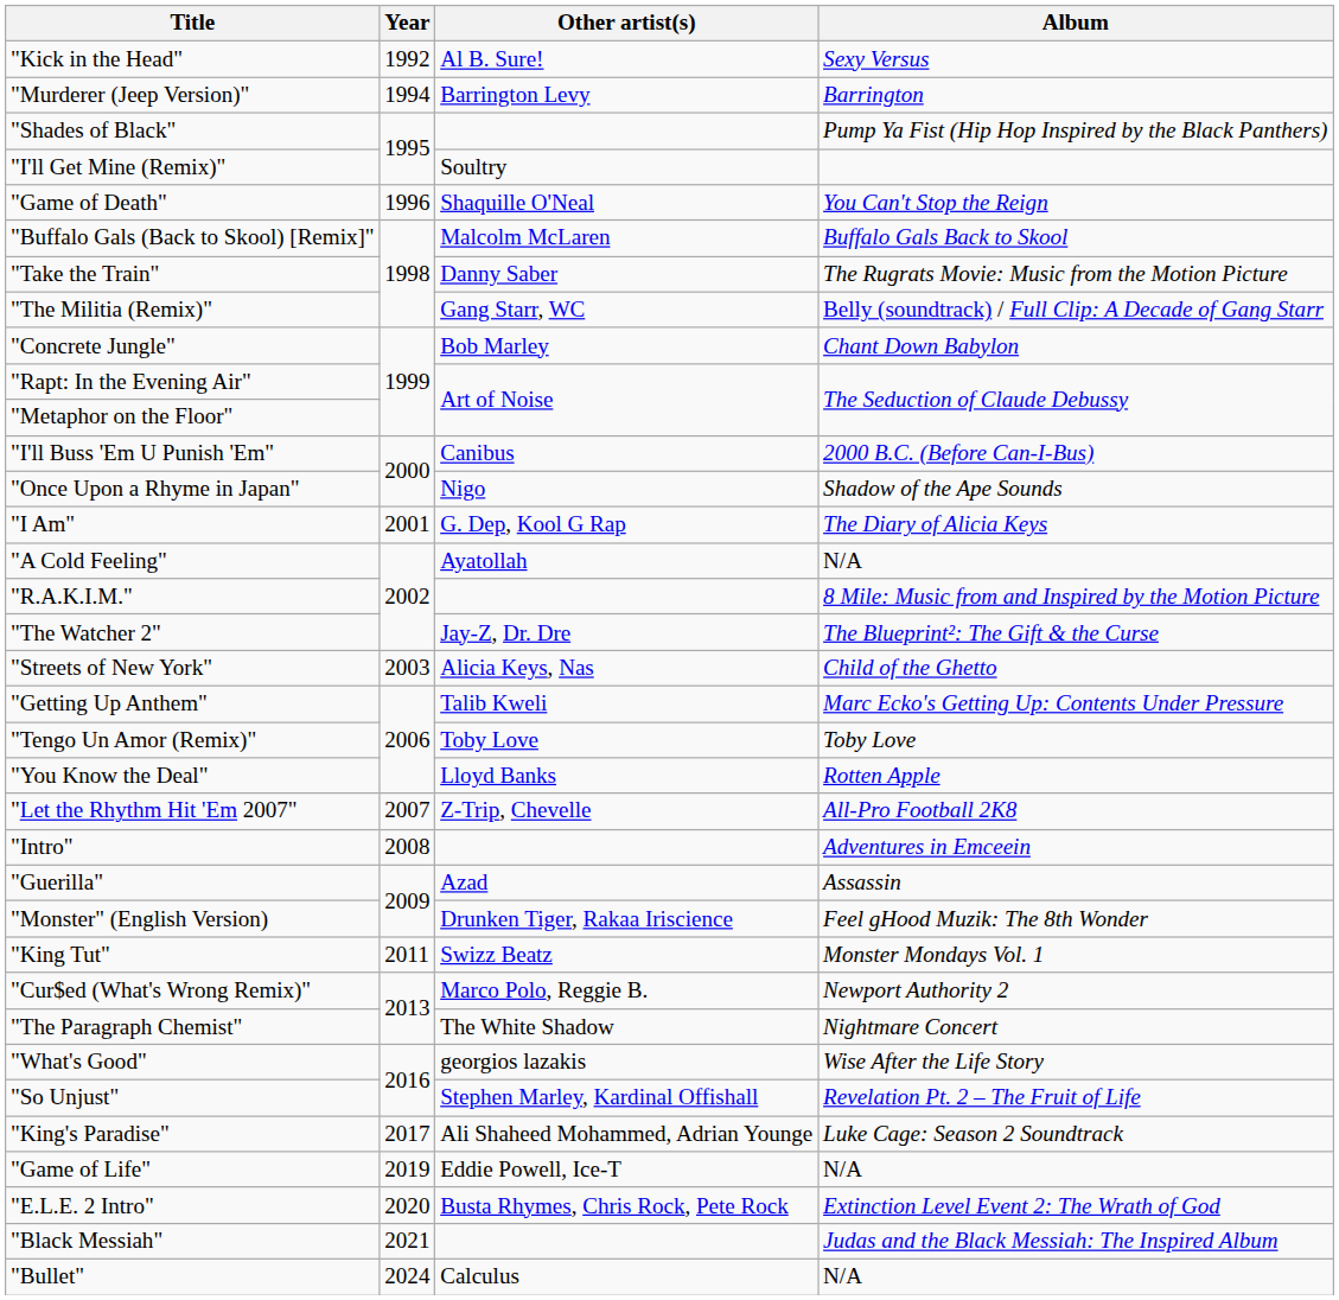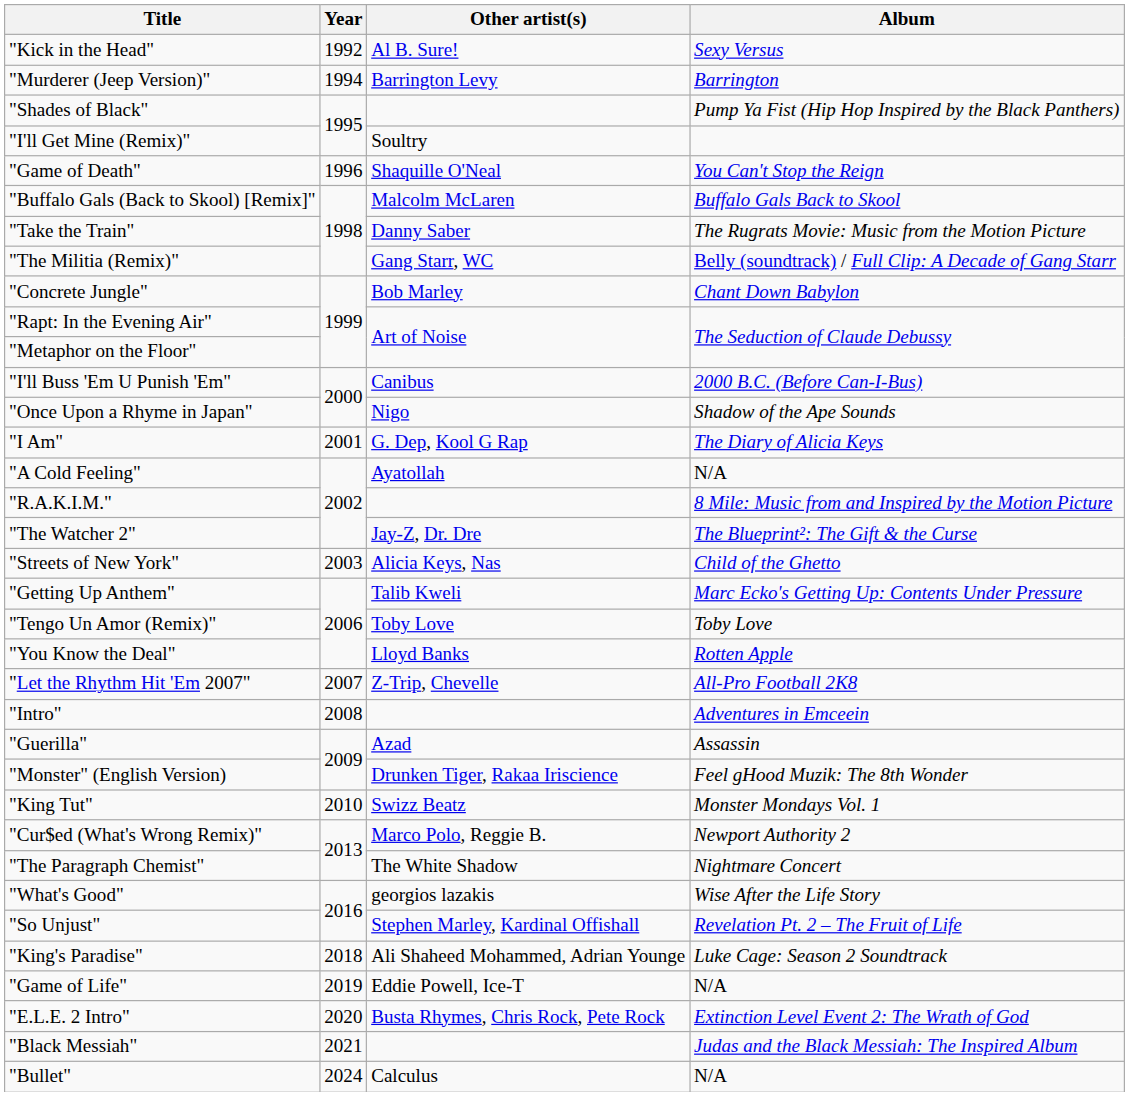 <table class="wikitable">
 <tr>
 <th><strong>Title</strong></th>
 <th>Year</th>
 <th><strong>Other artist(s)</strong></th>
 <th><strong>Album</strong></th>
 </tr>
 <tr>
 <td>"Kick in the Head"</td>
 <td>1992</td>
 <td><a href='#'>Al B. Sure!</a></td>
 <td><em><a href='#'>Sexy Versus</a></em></td>
 </tr>
 <tr>
 <td>"Murderer (Jeep Version)"</td>
 <td>1994</td>
 <td><a href='#'>Barrington Levy</a></td>
 <td><em><a href='#'>Barrington</a></em></td>
 </tr>
 <tr>
 <td>"Shades of Black"</td>
 <td rowspan="2">1995</td>
 <td></td>
 <td><em>Pump Ya Fist (Hip Hop Inspired by the Black Panthers)</em></td>
 </tr>
 <tr>
 <td>"I'll Get Mine (Remix)"</td>
 <td>Soultry</td>
 <td></td>
 </tr>
 <tr>
 <td>"Game of Death"</td>
 <td>1996</td>
 <td><a href='#'>Shaquille O'Neal</a></td>
 <td><em><a href='#'>You Can't Stop the Reign</a></em></td>
 </tr>
 <tr>
 <td>"Buffalo Gals (Back to Skool) [Remix]"</td>
 <td rowspan="3">1998</td>
 <td><a href='#'>Malcolm McLaren</a></td>
 <td><em><a href='#'>Buffalo Gals Back to Skool</a></em></td>
 </tr>
 <tr>
 <td>"Take the Train"</td>
 <td><a href='#'>Danny Saber</a></td>
 <td><em>The Rugrats Movie: Music from the Motion Picture</em></td>
 </tr>
 <tr>
 <td>"The Militia (Remix)"</td>
 <td><a href='#'>Gang Starr</a>, <a href='#'>WC</a></td>
 <td><a href='#'>Belly (soundtrack)</a> / <em><a href='#'>Full Clip: A Decade of Gang Starr</a></em></td>
 </tr>
 <tr>
 <td>"Concrete Jungle"</td>
 <td rowspan="3">1999</td>
 <td><a href='#'>Bob Marley</a></td>
 <td><em><a href='#'>Chant Down Babylon</a></em></td>
 </tr>
 <tr>
 <td>"Rapt: In the Evening Air"</td>
 <td rowspan="2"><a href='#'>Art of Noise</a></td>
 <td rowspan="2"><em><a href='#'>The Seduction of Claude Debussy</a></em></td>
 </tr>
 <tr>
 <td>"Metaphor on the Floor"</td>
 </tr>
 <tr>
 <td>"I'll Buss 'Em U Punish 'Em"</td>
 <td rowspan="2">2000</td>
 <td><a href='#'>Canibus</a></td>
 <td><em><a href='#'>2000 B.C. (Before Can-I-Bus)</a></em></td>
 </tr>
 <tr>
 <td>"Once Upon a Rhyme in Japan"</td>
 <td><a href='#'>Nigo</a></td>
 <td><em>Shadow of the Ape Sounds</em></td>
 </tr>
 <tr>
 <td>"I Am"</td>
 <td>2001</td>
 <td><a href='#'>G. Dep</a>, <a href='#'>Kool G Rap</a></td>
 <td><em><a href='#'>The Diary of Alicia Keys</a></em></td>
 </tr>
 <tr>
 <td>"A Cold Feeling"</td>
 <td rowspan="3">2002</td>
 <td><a href='#'>Ayatollah</a></td>
 <td>N/A</td>
 </tr>
 <tr>
 <td>"R.A.K.I.M."</td>
 <td></td>
 <td><em><a href='#'>8 Mile: Music from and Inspired by the Motion Picture</a></em></td>
 </tr>
 <tr>
 <td>"The Watcher 2"</td>
 <td><a href='#'>Jay-Z</a>, <a href='#'>Dr. Dre</a></td>
 <td><em><a href='#'>The Blueprint²: The Gift & the Curse</a></em></td>
 </tr>
 <tr>
 <td>"Streets of New York"</td>
 <td>2003</td>
 <td><a href='#'>Alicia Keys</a>, <a href='#'>Nas</a></td>
 <td><em><a href='#'>Child of the Ghetto</a></em></td>
 </tr>
 <tr>
 <td>"Getting Up Anthem"</td>
 <td rowspan="3">2006</td>
 <td><a href='#'>Talib Kweli</a></td>
 <td><em><a href='#'>Marc Ecko's Getting Up: Contents Under Pressure</a></em></td>
 </tr>
 <tr>
 <td>"Tengo Un Amor (Remix)"</td>
 <td><a href='#'>Toby Love</a></td>
 <td><em>Toby Love</em></td>
 </tr>
 <tr>
 <td>"You Know the Deal"</td>
 <td><a href='#'>Lloyd Banks</a></td>
 <td><em><a href='#'>Rotten Apple</a></em></td>
 </tr>
 <tr>
 <td>"<a href='#'>Let the Rhythm Hit 'Em</a> 2007"</td>
 <td>2007</td>
 <td><a href='#'>Z-Trip</a>, <a href='#'>Chevelle</a></td>
 <td><em><a href='#'>All-Pro Football 2K8</a></em></td>
 </tr>
 <tr>
 <td>"Intro"</td>
 <td>2008</td>
 <td></td>
 <td><em><a href='#'>Adventures in Emceein</a></em></td>
 </tr>
 <tr>
 <td>"Guerilla"</td>
 <td rowspan="2">2009</td>
 <td><a href='#'>Azad</a></td>
 <td><em>Assassin</em></td>
 </tr>
 <tr>
 <td>"Monster" (English Version)</td>
 <td><a href='#'>Drunken Tiger</a>, <a href='#'>Rakaa Iriscience</a></td>
 <td><em>Feel gHood Muzik: The 8th Wonder</em></td>
 </tr>
 <tr>
 <td>"King Tut"</td>
-<td>2011</td>
+<td>2010</td>
 <td><a href='#'>Swizz Beatz</a></td>
 <td><em>Monster Mondays Vol. 1</em></td>
 </tr>
 <tr>
 <td>"Cur$ed (What's Wrong Remix)"</td>
 <td rowspan="2">2013</td>
 <td><a href='#'>Marco Polo</a>, Reggie B.</td>
 <td><em>Newport Authority 2</em></td>
 </tr>
 <tr>
 <td>"The Paragraph Chemist"</td>
 <td>The White Shadow</td>
 <td><em>Nightmare Concert</em></td>
 </tr>
 <tr>
 <td>"What's Good"</td>
 <td rowspan="2">2016</td>
 <td>georgios lazakis</td>
 <td><em>Wise After the Life Story</em></td>
 </tr>
 <tr>
 <td>"So Unjust"</td>
 <td><a href='#'>Stephen Marley</a>, <a href='#'>Kardinal Offishall</a></td>
 <td><em><a href='#'>Revelation Pt. 2 – The Fruit of Life</a></em></td>
 </tr>
 <tr>
 <td>"King's Paradise"</td>
-<td>2017</td>
+<td>2018</td>
 <td>Ali Shaheed Mohammed, Adrian Younge</td>
 <td><em>Luke Cage: Season 2 Soundtrack</em></td>
 </tr>
 <tr>
 <td>"Game of Life"</td>
 <td>2019</td>
 <td>Eddie Powell, Ice-T</td>
 <td>N/A</td>
 </tr>
 <tr>
 <td>"E.L.E. 2 Intro"</td>
 <td>2020</td>
 <td><a href='#'>Busta Rhymes</a>, <a href='#'>Chris Rock</a>, <a href='#'>Pete Rock</a></td>
 <td><em><a href='#'>Extinction Level Event 2: The Wrath of God</a></em></td>
 </tr>
 <tr>
 <td>"Black Messiah"</td>
 <td>2021</td>
 <td></td>
 <td><em><a href='#'>Judas and the Black Messiah: The Inspired Album</a></em></td>
 </tr>
 <tr>
 <td>"Bullet"</td>
 <td>2024</td>
 <td>Calculus</td>
 <td>N/A</td>
 </tr>
 </table>
